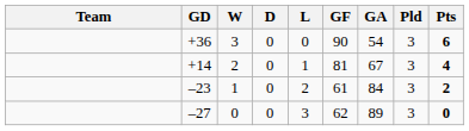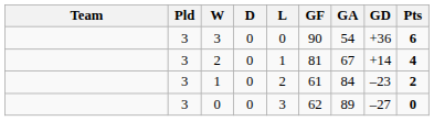 <table class="wikitable" style="text-align: center;">
 <tr>
 <th width="180">Team</th>
-<th width="30">GD</th>
+<th width="30">Pld</th>
 <th width="30">W</th>
 <th width="30">D</th>
 <th width="30">L</th>
 <th width="30">GF</th>
 <th width="30">GA</th>
-<th width="30">Pld</th>
+<th width="30">GD</th>
 <th width="30">Pts</th>
 </tr>
 <tr>
 <td align="left"></td>
-<td>+36</td>
+<td>3</td>
 <td>3</td>
 <td>0</td>
 <td>0</td>
 <td>90</td>
 <td>54</td>
-<td>3</td>
+<td>+36</td>
 <td><strong>6</strong></td>
 </tr>
 <tr>
 <td align="left"></td>
-<td>+14</td>
+<td>3</td>
 <td>2</td>
 <td>0</td>
 <td>1</td>
 <td>81</td>
 <td>67</td>
-<td>3</td>
+<td>+14</td>
 <td><strong>4</strong></td>
 </tr>
 <tr>
 <td align="left"></td>
-<td>–23</td>
+<td>3</td>
 <td>1</td>
 <td>0</td>
 <td>2</td>
 <td>61</td>
 <td>84</td>
-<td>3</td>
+<td>–23</td>
 <td><strong>2</strong></td>
 </tr>
 <tr>
 <td align="left"></td>
-<td>–27</td>
+<td>3</td>
 <td>0</td>
 <td>0</td>
 <td>3</td>
 <td>62</td>
 <td>89</td>
-<td>3</td>
+<td>–27</td>
 <td><strong>0</strong></td>
 </tr>
 </table>
